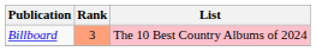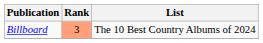 <table class="wikitable plainrowheaders sortable">
 <tr>
 <th>Publication</th>
 <th data-sort-type="number">Rank</th>
 <th scope="col" class="unsortable">List</th>
 </tr>
 <tr>
 <td><em><a href='#'>Billboard</a></em></td>
 <td align=center style="background: lightsalmon;">3</td>
-<td style="background: pink;">The 10 Best Country Albums of 2024</td>
+<td>The 10 Best Country Albums of 2024</td>
 </tr>
 <tr>
 </tr>
 </table>
